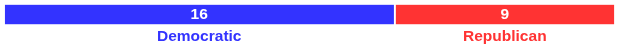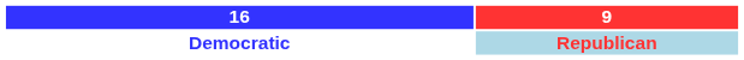 <table style="width:50%">
 <tr>
 <td scope="row" colspan="3" style="text-align:center"></td>
 </tr>
 <tr>
 <td scope="row" style="background:#33F; width:64%; text-align:center; color:white"><strong>16</strong></td>
 <td style="background:#F33; width:36%; text-align:center; color:white"><strong>9</strong></td>
 </tr>
 <tr>
 <td scope="row" style="text-align:center; color:#33F"><strong>Democratic</strong></td>
-<td style="text-align:center; color:#F33"><strong>Republican</strong></td>
+<td style="background: lightblue; text-align:center; color:#F33"><strong>Republican</strong></td>
 </tr>
 </table>
